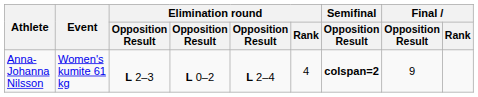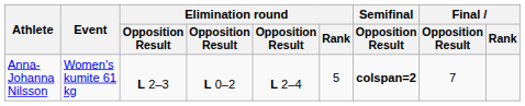 <table class=wikitable style=font-size:90%;text-align:center>
 <tr>
 <th rowspan=2>Athlete</th>
 <th rowspan=2>Event</th>
 <th colspan=4>Elimination round</th>
 <th>Semifinal</th>
 <th colspan=2>Final / </th>
 </tr>
 <tr style=font-size:95%>
 <th>Opposition<br>Result</th>
 <th>Opposition<br>Result</th>
 <th>Opposition<br>Result</th>
 <th>Rank</th>
 <th>Opposition<br>Result</th>
 <th>Opposition<br>Result</th>
 <th>Rank</th>
 </tr>
 <tr>
 <td align=left><a href='#'>Anna-Johanna Nilsson</a></td>
 <td align=left><a href='#'>Women's kumite 61 kg</a></td>
 <td><br><strong>L</strong> 2–3</td>
 <td><br><strong>L</strong> 0–2</td>
 <td><br><strong>L</strong> 2–4</td>
-<td>4</td>
+<td>5</td>
 <td><strong>colspan=2 </strong></td>
-<td>9</td>
+<td>7</td>
 </tr>
 </table>
